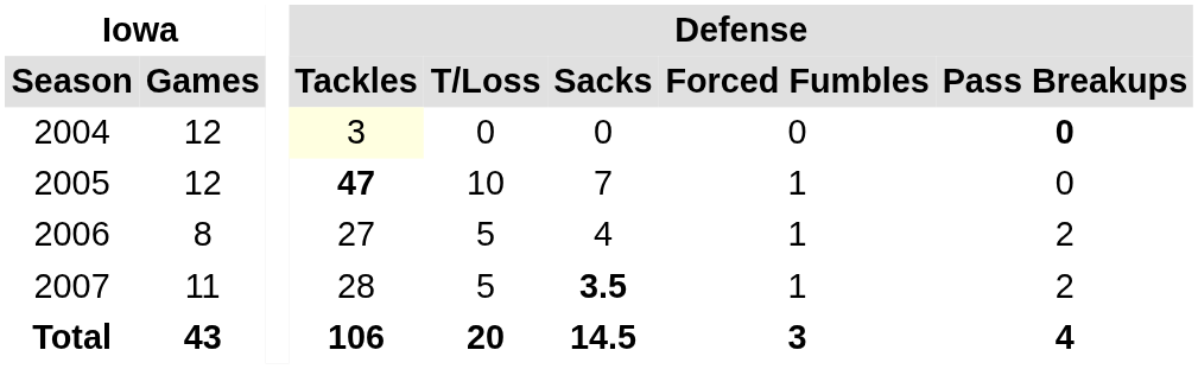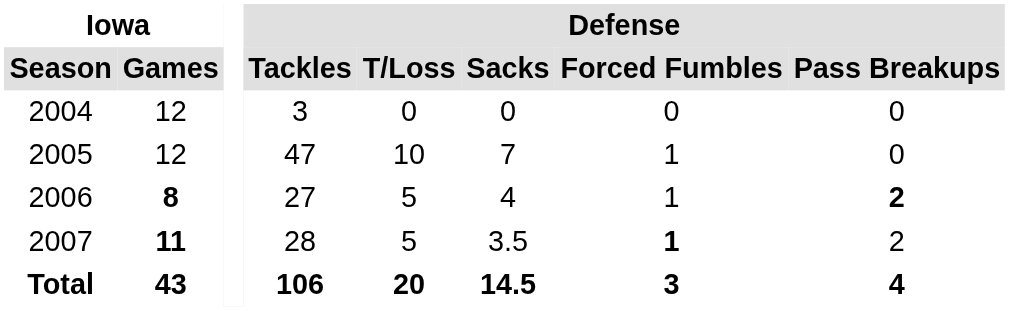 <table BORDER="0" CELLPADDING="3" CELLSPACING="0" ID="Table3" border="2">
 <tr ALIGN="center" bgcolor="#e0e0e0">
 <th ALIGN="center" colspan="2" bgcolor="#ffffff"> Iowa</th>
 <th ALIGN="center" rowspan="99" bgcolor="#ffffff"> </th>
 <th ALIGN="center" colspan="5">Defense</th>
 </tr>
 <tr ALIGN="center" bgcolor="#e0e0e0">
 <th ALIGN="center">Season</th>
 <th ALIGN="center">Games</th>
 <th ALIGN="center">Tackles</th>
 <th ALIGN="center">T/Loss</th>
 <th ALIGN="center">Sacks</th>
 <th ALIGN="center">Forced Fumbles</th>
 <th ALIGN="center">Pass Breakups</th>
 </tr>
 <tr ALIGN="center">
 <td ALIGN="center">2004</td>
 <td ALIGN="center">12</td>
-<td ALIGN="center" style="background: lightyellow;">3</td>
+<td ALIGN="center">3</td>
 <td ALIGN="center">0</td>
 <td ALIGN="center">0</td>
 <td ALIGN="center">0</td>
-<td ALIGN="center"><strong>0</strong></td>
+<td ALIGN="center">0</td>
 </tr>
 <tr ALIGN="center">
 <td ALIGN="center">2005</td>
 <td ALIGN="center">12</td>
-<td ALIGN="center"><strong>47</strong></td>
+<td ALIGN="center">47</td>
 <td ALIGN="center">10</td>
 <td ALIGN="center">7</td>
 <td ALIGN="center">1</td>
 <td ALIGN="center">0</td>
 </tr>
 <tr ALIGN="center">
 <td ALIGN="center">2006</td>
-<td ALIGN="center">8</td>
+<td ALIGN="center"><strong>8</strong></td>
 <td ALIGN="center">27</td>
 <td ALIGN="center">5</td>
 <td ALIGN="center">4</td>
 <td ALIGN="center">1</td>
-<td ALIGN="center">2</td>
+<td ALIGN="center"><strong>2</strong></td>
 </tr>
 <tr ALIGN="center">
 <td ALIGN="center">2007</td>
-<td ALIGN="center">11</td>
+<td ALIGN="center"><strong>11</strong></td>
 <td ALIGN="center">28</td>
 <td ALIGN="center">5</td>
-<td ALIGN="center"><strong>3.5</strong></td>
-<td ALIGN="center">1</td>
+<td ALIGN="center">3.5</td>
+<td ALIGN="center"><strong>1</strong></td>
 <td ALIGN="center">2</td>
 </tr>
 <tr ALIGN="center" bgcolor="#f0f0f0">
 </tr>
 <tr ALIGN="center">
 <td ALIGN="center"><strong>Total</strong></td>
 <td ALIGN="center"><strong>43</strong></td>
 <td ALIGN="center"><strong>106</strong></td>
 <td ALIGN="center"><strong>20</strong></td>
 <td ALIGN="center"><strong>14.5</strong></td>
 <td ALIGN="center"><strong>3</strong></td>
 <td ALIGN="center"><strong>4</strong></td>
 </tr>
 <tr ALIGN="center" bgcolor="#f0f0f0">
 </tr>
 </table>
